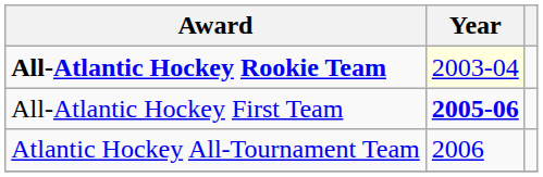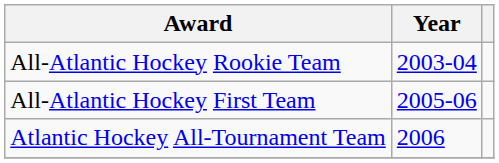 <table class="wikitable">
 <tr>
 <th>Award</th>
 <th>Year</th>
 <th></th>
 </tr>
 <tr>
-<td><strong>All-<a href='#'>Atlantic Hockey</a> <a href='#'>Rookie Team</a></strong></td>
-<td style="background: lightyellow;"><a href='#'>2003-04</a></td>
+<td>All-<a href='#'>Atlantic Hockey</a> <a href='#'>Rookie Team</a></td>
+<td><a href='#'>2003-04</a></td>
 <td></td>
 </tr>
 <tr>
 <td>All-<a href='#'>Atlantic Hockey</a> <a href='#'>First Team</a></td>
-<td><strong><a href='#'>2005-06</a></strong></td>
+<td><a href='#'>2005-06</a></td>
 <td></td>
 </tr>
 <tr>
 <td><a href='#'>Atlantic Hockey</a> <a href='#'>All-Tournament Team</a></td>
 <td><a href='#'>2006</a></td>
 <td></td>
 </tr>
 <tr>
 </tr>
 </table>
